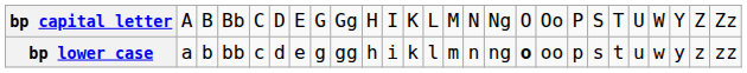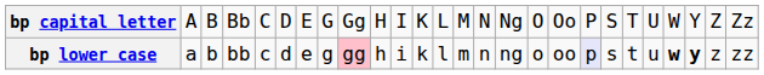 <table class=wikitable style="font-size: 1.25em;">
 <tr align=center>
 <th><small>bp <a href='#'>capital letter</a></small></th>
 <td>A</td>
 <td>B</td>
 <td>Bb</td>
 <td>C</td>
 <td>D</td>
 <td>E</td>
 <td>G</td>
 <td>Gg</td>
 <td>H</td>
 <td>I</td>
 <td>K</td>
 <td>L</td>
 <td>M</td>
 <td>N</td>
 <td>Ng</td>
 <td>O</td>
 <td>Oo</td>
 <td>P</td>
 <td>S</td>
 <td>T</td>
 <td>U</td>
 <td>W</td>
 <td>Y</td>
 <td>Z</td>
 <td>Zz</td>
 </tr>
 <tr align=center>
 <th><small>bp <a href='#'>lower case</a></small></th>
 <td>a</td>
 <td>b</td>
 <td>bb</td>
 <td>c</td>
 <td>d</td>
 <td>e</td>
 <td>g</td>
-<td>gg</td>
+<td style="background: pink;">gg</td>
 <td>h</td>
 <td>i</td>
 <td>k</td>
 <td>l</td>
 <td>m</td>
 <td>n</td>
 <td>ng</td>
-<td><strong>o</strong></td>
+<td>o</td>
 <td>oo</td>
-<td>p</td>
+<td style="background: lavender;">p</td>
 <td>s</td>
 <td>t</td>
 <td>u</td>
-<td>w</td>
-<td>y</td>
+<td><strong>w</strong></td>
+<td><strong>y</strong></td>
 <td>z</td>
 <td>zz</td>
 </tr>
 </table>
